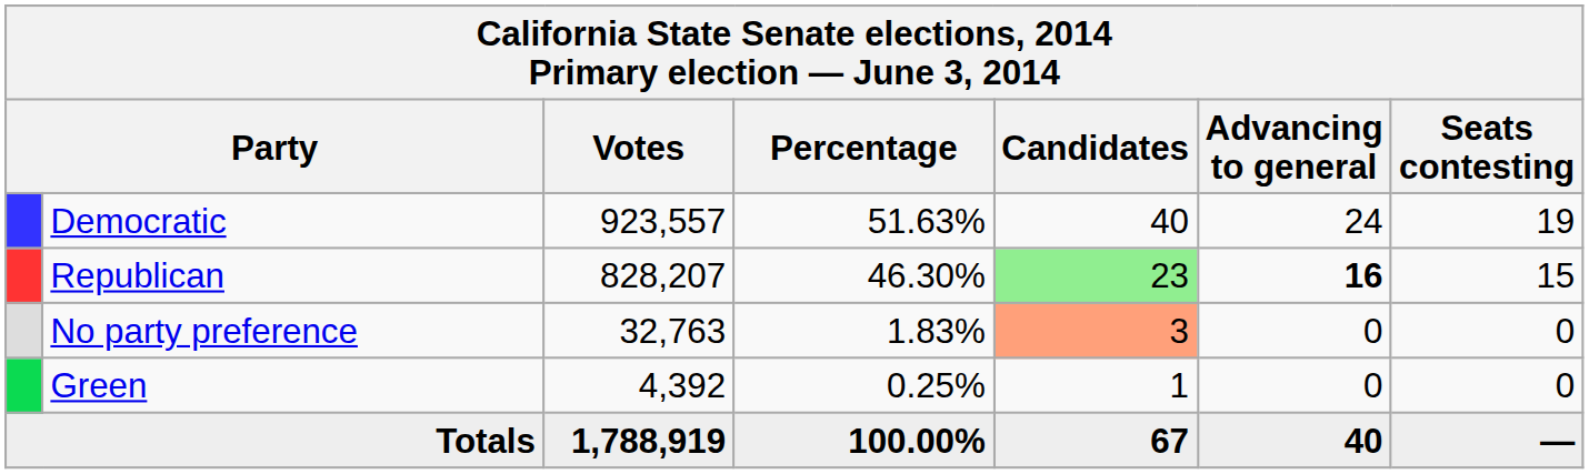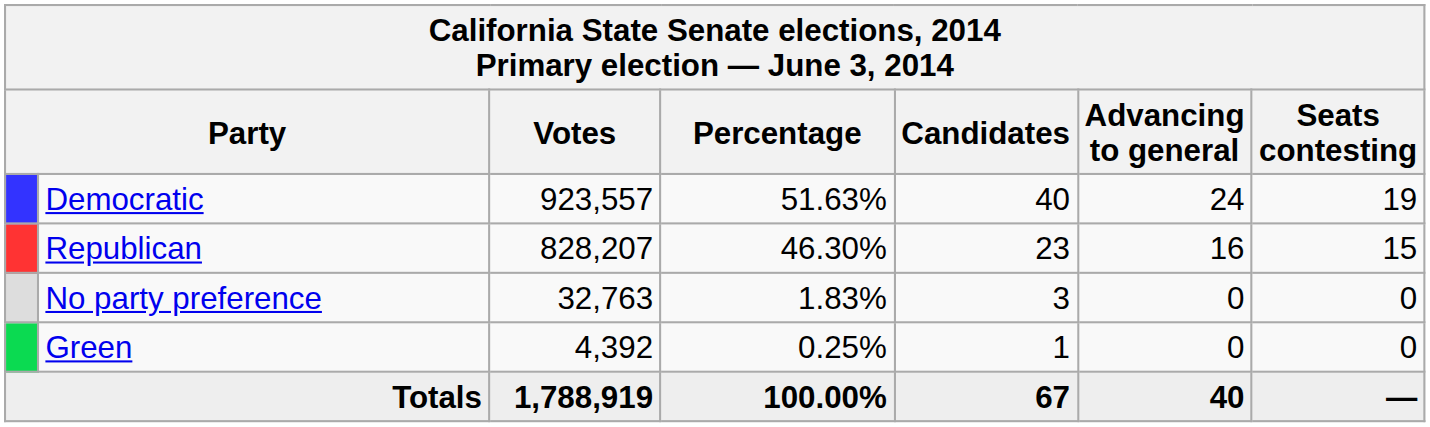 <table class="wikitable" style="font-size:95%;">
 <tr>
 <th colspan="7">California State Senate elections, 2014<br>Primary election — June 3, 2014</th>
 </tr>
 <tr>
 <th colspan=2 style="width: 15em">Party</th>
 <th style="width: 5em">Votes</th>
 <th style="width: 7em">Percentage</th>
 <th style="width: 5em">Candidates</th>
 <th style="width: 5em">Advancing to general</th>
 <th style="width: 5em">Seats contesting</th>
 </tr>
 <tr>
 <th style="background-color:#33F; width: 3px"></th>
 <td style="width: 130px"><a href='#'>Democratic</a></td>
 <td align="right">923,557</td>
 <td align="right">51.63%</td>
 <td align="right">40</td>
 <td align="right">24</td>
 <td align="right">19</td>
 </tr>
 <tr>
 <th style="background-color:#F33; width: 3px"></th>
 <td style="width: 130px"><a href='#'>Republican</a></td>
 <td align="right">828,207</td>
 <td align="right">46.30%</td>
-<td align="right" style="background: lightgreen;">23</td>
-<td align="right"><strong>16</strong></td>
+<td align="right">23</td>
+<td align="right">16</td>
 <td align="right">15</td>
 </tr>
 <tr>
 <th style="background-color:#DDD; width: 3px"></th>
 <td style="width: 130px"><a href='#'>No party preference</a></td>
 <td align="right">32,763</td>
 <td align="right">1.83%</td>
-<td align="right" style="background: lightsalmon;">3</td>
+<td align="right">3</td>
 <td align="right">0</td>
 <td align="right">0</td>
 </tr>
 <tr>
 <th style="background-color:#0BDA51; width: 3px"></th>
 <td style="width: 130px"><a href='#'>Green</a></td>
 <td align="right">4,392</td>
 <td align="right">0.25%</td>
 <td align="right">1</td>
 <td align="right">0</td>
 <td align="right">0</td>
 </tr>
 <tr bgcolor="#EEEEEE">
 <td colspan="2" align="right"><strong>Totals</strong></td>
 <td align="right"><strong>1,788,919</strong></td>
 <td align="right"><strong>100.00%</strong></td>
 <td align="right"><strong>67</strong></td>
 <td align="right"><strong>40</strong></td>
 <td align="right"><strong>—</strong></td>
 </tr>
 </table>
